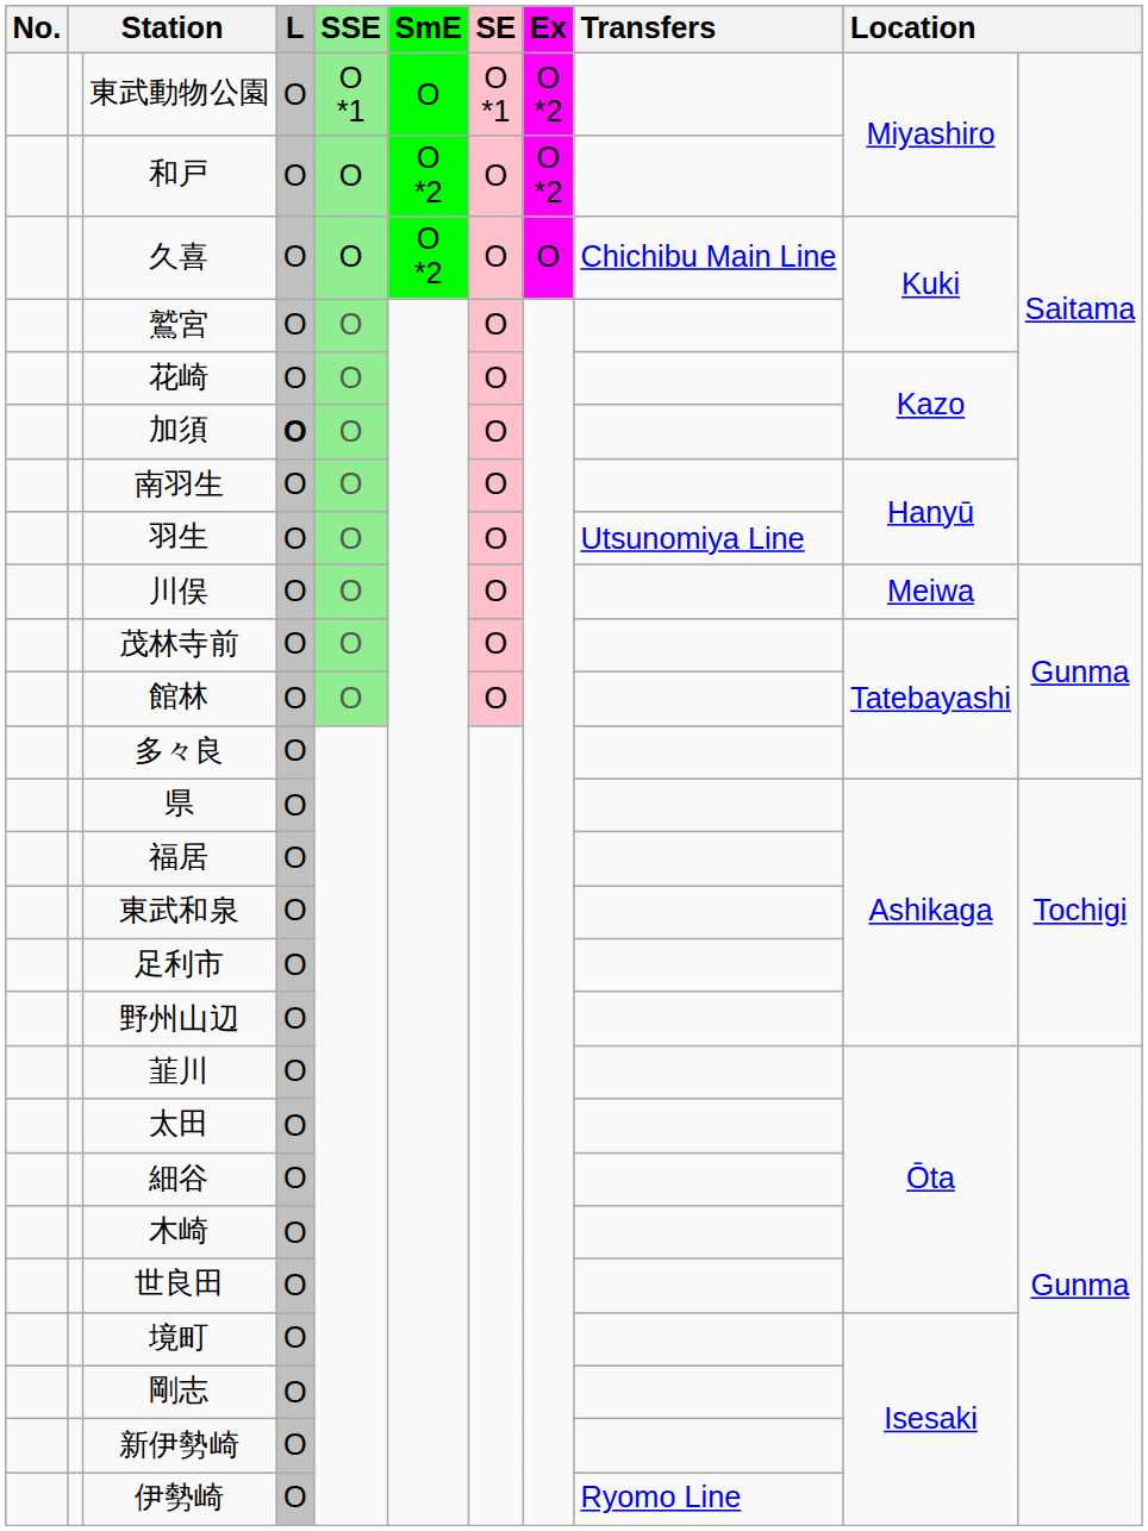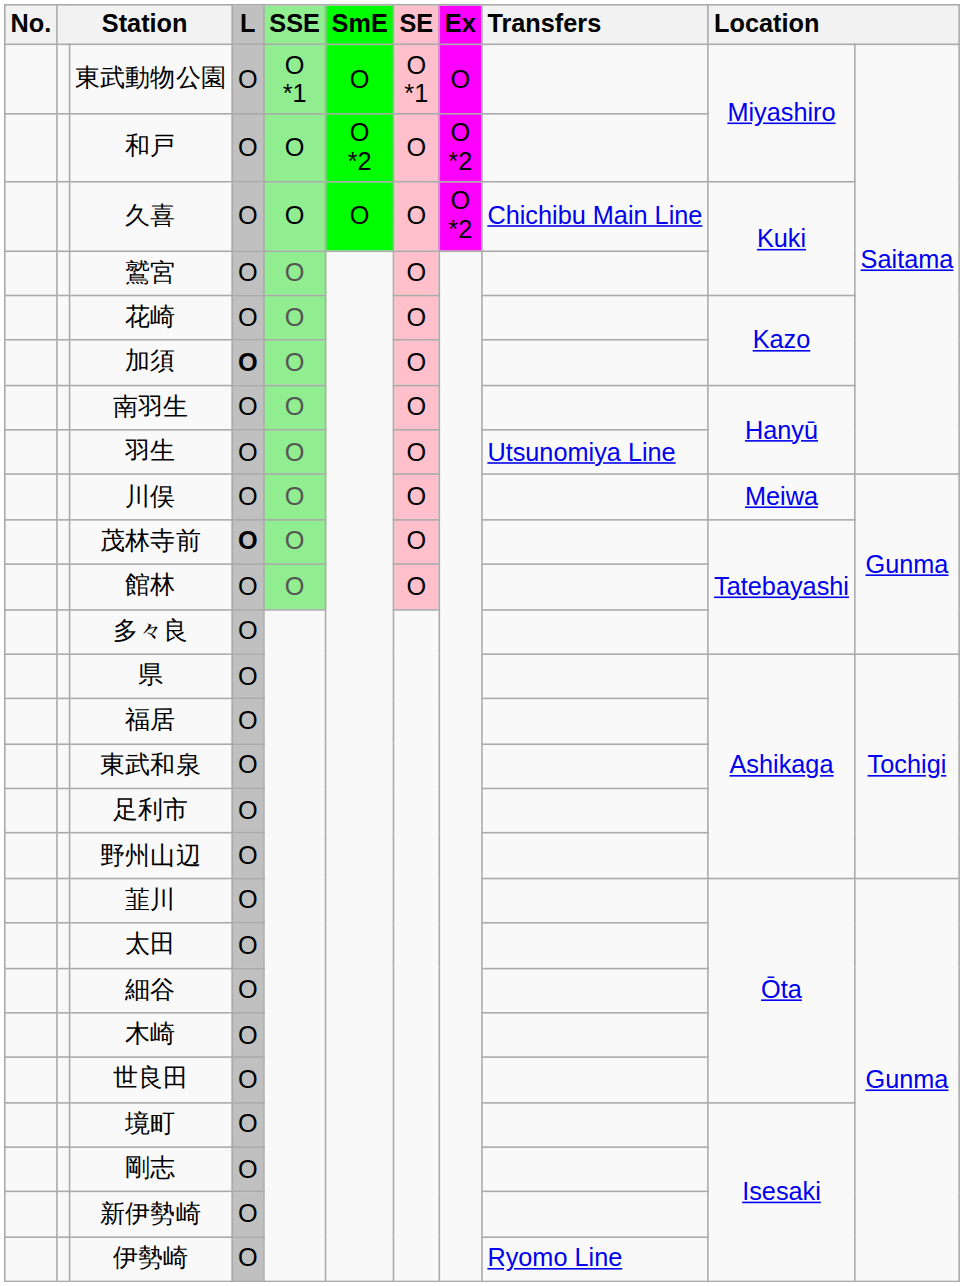 <table class="wikitable">
 <tr style="text-align: center; ">
 <th>No.</th>
 <th style="text-align: center" colspan=2>Station</th>
 <th style="background: silver">L</th>
 <th style="background: lightgreen">SSE</th>
 <th style="background: lime">SmE</th>
 <th style="background: pink">SE</th>
 <th style="background: magenta">Ex</th>
 <th style="text-align: left">Transfers</th>
 <th style="text-align: left" colspan="2">Location</th>
 </tr>
 <tr style="text-align: center; ">
 <td style="text-align: left"></td>
 <td style="text-align: left"></td>
 <td>東武動物公園</td>
 <td style="background: silver">O</td>
 <td style="background: lightgreen">O<br>*1</td>
 <td style="background: lime">O</td>
 <td style="background: pink">O<br>*1</td>
-<td style="background: magenta">O<br>*2</td>
+<td style="background: magenta;">O</td>
 <td style="text-align: left"></td>
 <td rowspan="2"><a href='#'>Miyashiro</a></td>
 <td rowspan="8"><a href='#'>Saitama</a></td>
 </tr>
 <tr style="text-align: center; ">
 <td style="text-align: left"></td>
 <td style="text-align: left"></td>
 <td>和戸</td>
 <td style="background: silver">O</td>
 <td style="background: lightgreen">O</td>
 <td style="background: lime">O<br>*2</td>
 <td style="background: pink">O</td>
 <td style="background: magenta">O<br>*2</td>
 <td style="text-align: left"></td>
 </tr>
 <tr style="text-align: center; ">
 <td style="text-align: left"></td>
 <td style="text-align: left"></td>
 <td>久喜</td>
 <td style="background: silver">O</td>
 <td style="background: lightgreen">O</td>
-<td style="background: lime">O<br>*2</td>
+<td style="background: lime">O</td>
 <td style="background: pink">O</td>
-<td style="background: magenta;">O</td>
+<td style="background: magenta">O<br>*2</td>
 <td style="text-align: left"><a href='#'>Chichibu Main Line</a></td>
 <td rowspan="2"><a href='#'>Kuki</a></td>
 </tr>
 <tr style="text-align: center; ">
 <td style="text-align: left"></td>
 <td style="text-align: left"></td>
 <td>鷲宮</td>
 <td style="background: silver">O</td>
 <td style="background: lightgreen; color: #555">O</td>
 <td rowspan="23"> </td>
 <td style="background: pink">O</td>
 <td rowspan="23"> </td>
 <td style="text-align: left"></td>
 </tr>
 <tr style="text-align: center; ">
 <td style="text-align: left"></td>
 <td style="text-align: left"></td>
 <td>花崎</td>
 <td style="background: silver">O</td>
 <td style="background: lightgreen; color: #555">O</td>
 <td style="background: pink">O</td>
 <td style="text-align: left"></td>
 <td rowspan="2"><a href='#'>Kazo</a></td>
 </tr>
 <tr style="text-align: center; ">
 <td style="text-align: left"></td>
 <td style="text-align: left"></td>
 <td>加須</td>
 <td style="background: silver"><strong>O</strong></td>
 <td style="background: lightgreen; color: #555">O</td>
 <td style="background: pink">O</td>
 <td style="text-align: left"></td>
 </tr>
 <tr style="text-align: center; ">
 <td style="text-align: left"></td>
 <td style="text-align: left"></td>
 <td>南羽生</td>
 <td style="background: silver">O</td>
 <td style="background: lightgreen; color: #555">O</td>
 <td style="background: pink">O</td>
 <td style="text-align: left"></td>
 <td rowspan="2"><a href='#'>Hanyū</a></td>
 </tr>
 <tr style="text-align: center; ">
 <td style="text-align: left"></td>
 <td style="text-align: left"></td>
 <td>羽生</td>
 <td style="background: silver">O</td>
 <td style="background: lightgreen; color: #555">O</td>
 <td style="background: pink">O</td>
 <td style="text-align: left"> <a href='#'>Utsunomiya Line</a></td>
 </tr>
 <tr style="text-align: center; ">
 <td style="text-align: left"></td>
 <td style="text-align: left"></td>
 <td>川俣</td>
 <td style="background: silver">O</td>
 <td style="background: lightgreen; color: #555">O</td>
 <td style="background: pink">O</td>
 <td style="text-align: left"></td>
 <td><a href='#'>Meiwa</a></td>
 <td rowspan="4"><a href='#'>Gunma</a></td>
 </tr>
 <tr style="text-align: center; ">
 <td style="text-align: left"></td>
 <td style="text-align: left"></td>
 <td>茂林寺前</td>
-<td style="background: silver">O</td>
+<td style="background: silver"><strong>O</strong></td>
 <td style="background: lightgreen; color: #555">O</td>
 <td style="background: pink">O</td>
 <td style="text-align: left"></td>
 <td rowspan="3"><a href='#'>Tatebayashi</a></td>
 </tr>
 <tr style="text-align: center; ">
 <td style="text-align: left"></td>
 <td style="text-align: left"></td>
 <td>館林</td>
 <td style="background: silver">O</td>
 <td style="background: lightgreen; color: #555">O</td>
 <td style="background: pink">O</td>
 <td style="text-align: left"></td>
 </tr>
 <tr style="text-align: center; ">
 <td style="text-align: left"></td>
 <td style="text-align: left"></td>
 <td>多々良</td>
 <td style="background: silver">O</td>
 <td rowspan="15"> </td>
 <td rowspan="15"> </td>
 <td style="text-align: left"></td>
 </tr>
 <tr style="text-align: center; ">
 <td style="text-align: left"></td>
 <td style="text-align: left"></td>
 <td>県</td>
 <td style="background: silver">O</td>
 <td style="text-align: left"></td>
 <td rowspan="5"><a href='#'>Ashikaga</a></td>
 <td rowspan="5"><a href='#'>Tochigi</a></td>
 </tr>
 <tr style="text-align: center; ">
 <td style="text-align: left"></td>
 <td style="text-align: left"></td>
 <td>福居</td>
 <td style="background: silver">O</td>
 <td style="text-align: left"></td>
 </tr>
 <tr style="text-align: center; ">
 <td style="text-align: left"></td>
 <td style="text-align: left"></td>
 <td>東武和泉</td>
 <td style="background: silver">O</td>
 <td style="text-align: left"></td>
 </tr>
 <tr style="text-align: center; ">
 <td style="text-align: left"></td>
 <td style="text-align: left"></td>
 <td>足利市</td>
 <td style="background: silver">O</td>
 <td style="text-align: left"></td>
 </tr>
 <tr style="text-align: center; ">
 <td style="text-align: left"></td>
 <td style="text-align: left"></td>
 <td>野州山辺</td>
 <td style="background: silver">O</td>
 <td style="text-align: left"></td>
 </tr>
 <tr style="text-align: center; ">
 <td style="text-align: left"></td>
 <td style="text-align: left"></td>
 <td>韮川</td>
 <td style="background: silver">O</td>
 <td style="text-align: left"></td>
 <td rowspan="5"><a href='#'>Ōta</a></td>
 <td rowspan="9"><a href='#'>Gunma</a></td>
 </tr>
 <tr style="text-align: center; ">
 <td style="text-align: left"></td>
 <td style="text-align: left"></td>
 <td>太田</td>
 <td style="background: silver">O</td>
 <td style="text-align: left"></td>
 </tr>
 <tr style="text-align: center; ">
 <td style="text-align: left"></td>
 <td style="text-align: left"></td>
 <td>細谷</td>
 <td style="background: silver">O</td>
 <td style="text-align: left"></td>
 </tr>
 <tr style="text-align: center; ">
 <td style="text-align: left"></td>
 <td style="text-align: left"></td>
 <td>木崎</td>
 <td style="background: silver">O</td>
 <td style="text-align: left"></td>
 </tr>
 <tr style="text-align: center; ">
 <td style="text-align: left"></td>
 <td style="text-align: left"></td>
 <td>世良田</td>
 <td style="background: silver">O</td>
 <td style="text-align: left"></td>
 </tr>
 <tr style="text-align: center; ">
 <td style="text-align: left"></td>
 <td style="text-align: left"></td>
 <td>境町</td>
 <td style="background: silver">O</td>
 <td style="text-align: left"></td>
 <td rowspan="4"><a href='#'>Isesaki</a></td>
 </tr>
 <tr style="text-align: center; ">
 <td style="text-align: left"></td>
 <td style="text-align: left"></td>
 <td>剛志</td>
 <td style="background: silver">O</td>
 <td style="text-align: left"></td>
 </tr>
 <tr style="text-align: center; ">
 <td style="text-align: left"></td>
 <td style="text-align: left"></td>
 <td>新伊勢崎</td>
 <td style="background: silver">O</td>
 <td style="text-align: left"></td>
 </tr>
 <tr style="text-align: center; ">
 <td style="text-align: left"></td>
 <td style="text-align: left"></td>
 <td>伊勢崎</td>
 <td style="background: silver">O</td>
 <td style="text-align: left"><a href='#'>Ryomo Line</a></td>
 </tr>
 </table>
